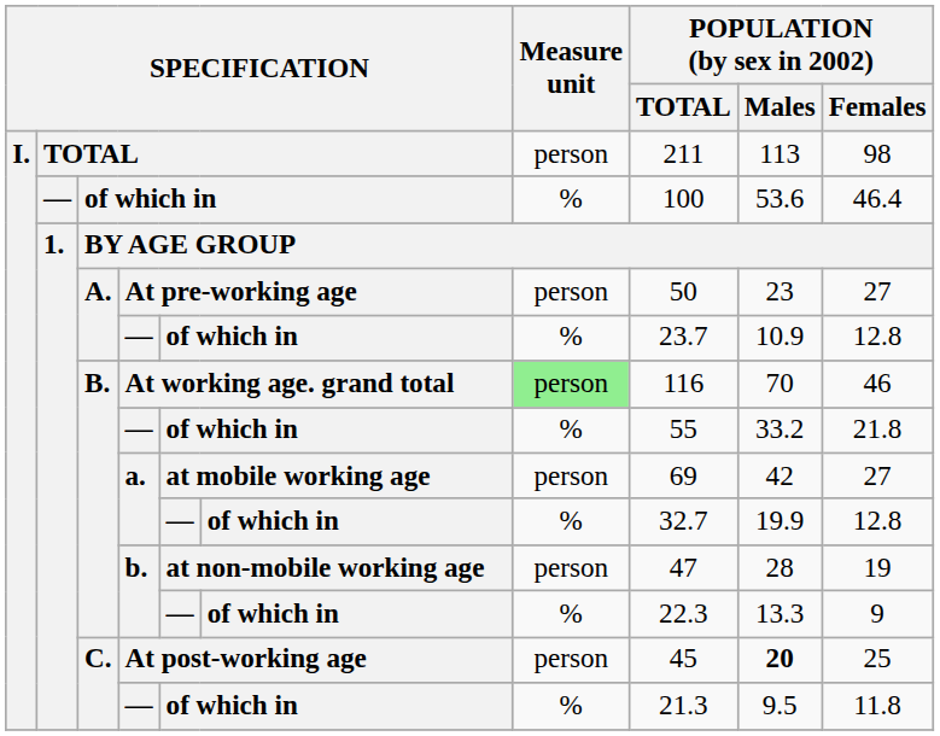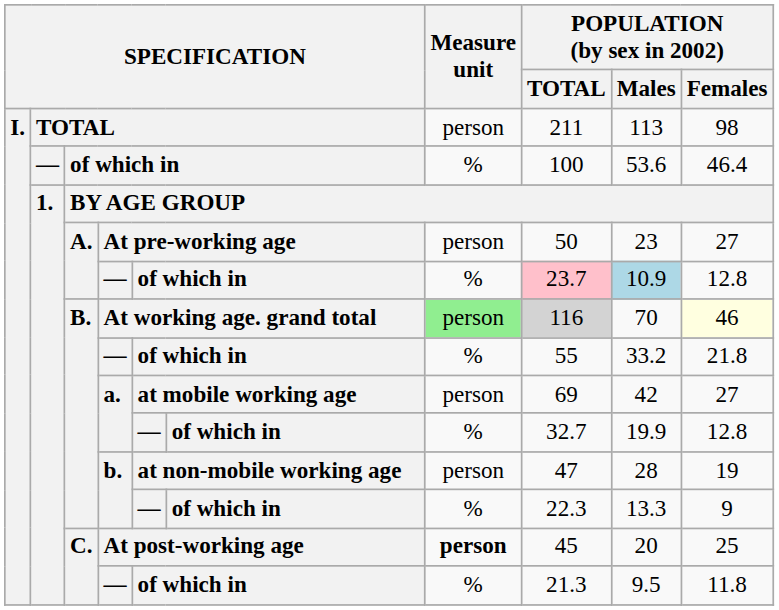 <table class="wikitable" style="font-size:85%; text-align:center">
 <tr>
 <th rowspan="2" colspan="6">SPECIFICATION</th>
 <th rowspan="2">Measure<br> unit</th>
 <th colspan="3" rowspan="1">POPULATION<br> (by sex in 2002)</th>
 </tr>
 <tr>
 <th>TOTAL</th>
 <th>Males</th>
 <th>Females</th>
 </tr>
 <tr>
 <th style="text-align:left" valign="top" rowspan="13">I.</th>
 <th style="text-align:left" colspan="5">TOTAL</th>
 <td>person</td>
 <td>211</td>
 <td>113</td>
 <td>98</td>
 </tr>
 <tr>
 <th style="text-align:left" valign="top">—</th>
 <th style="text-align:left" colspan="4">of which in</th>
 <td>%</td>
 <td>100</td>
 <td>53.6</td>
 <td>46.4</td>
 </tr>
 <tr>
 <th style="text-align:left" valign="top" rowspan="11">1.</th>
 <th style="text-align:left" colspan="19">BY AGE GROUP</th>
 </tr>
 <tr>
 <th style="text-align:left" valign="top" rowspan="2">A.</th>
 <th style="text-align:left" colspan="3">At pre-working age</th>
 <td>person</td>
 <td>50</td>
 <td>23</td>
 <td>27</td>
 </tr>
 <tr>
 <th style="text-align:left" valign="top">—</th>
 <th style="text-align:left" valign="top" colspan="2">of which in</th>
 <td>%</td>
-<td>23.7</td>
-<td>10.9</td>
+<td style="background: pink;">23.7</td>
+<td style="background: lightblue;">10.9</td>
 <td>12.8</td>
 </tr>
 <tr>
 <th style="text-align:left" valign="top" rowspan="6">B.</th>
 <th style="text-align:left" colspan="3">At working age. grand total</th>
 <td style="background: lightgreen;">person</td>
-<td>116</td>
+<td style="background: lightgrey;">116</td>
 <td>70</td>
-<td>46</td>
+<td style="background: lightyellow;">46</td>
 </tr>
 <tr>
 <th style="text-align:left" valign="top">—</th>
 <th style="text-align:left" valign="top" colspan="2">of which in</th>
 <td>%</td>
 <td>55</td>
 <td>33.2</td>
 <td>21.8</td>
 </tr>
 <tr>
 <th style="text-align:left" valign="top" rowspan="2">a.</th>
 <th style="text-align:left" colspan="2">at mobile working age</th>
 <td>person</td>
 <td>69</td>
 <td>42</td>
 <td>27</td>
 </tr>
 <tr>
 <th style="text-align:left" valign="top">—</th>
 <th style="text-align:left" valign="top" colspan="1">of which in                        </th>
 <td>%</td>
 <td>32.7</td>
 <td>19.9</td>
 <td>12.8</td>
 </tr>
 <tr>
 <th style="text-align:left" valign="top" rowspan="2">b.</th>
 <th style="text-align:left" colspan="2">at non-mobile working age</th>
 <td>person</td>
 <td>47</td>
 <td>28</td>
 <td>19</td>
 </tr>
 <tr>
 <th style="text-align:left" valign="top">—</th>
 <th style="text-align:left" valign="top" colspan="1">of which in                        </th>
 <td>%</td>
 <td>22.3</td>
 <td>13.3</td>
 <td>9</td>
 </tr>
 <tr>
 <th style="text-align:left" valign="top" rowspan="2">C.</th>
 <th style="text-align:left" colspan="3">At post-working age</th>
-<td>person</td>
+<td><strong>person</strong></td>
 <td>45</td>
-<td><strong>20</strong></td>
+<td>20</td>
 <td>25</td>
 </tr>
 <tr>
 <th style="text-align:left" valign="top">—</th>
 <th style="text-align:left" valign="top" colspan="2">of which in</th>
 <td>%</td>
 <td>21.3</td>
 <td>9.5</td>
 <td>11.8</td>
 </tr>
 </table>
